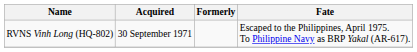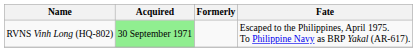 <table class="wikitable" style="font-size:95%;">
 <tr>
 <th>Name</th>
 <th>Acquired</th>
 <th>Formerly</th>
 <th>Fate</th>
 </tr>
 <tr>
 <td>RVNS <em>Vinh Long</em> (HQ-802)</td>
-<td>30 September 1971</td>
+<td style="background: lightgreen;">30 September 1971</td>
 <td></td>
 <td>Escaped to the Philippines, April 1975.<br>To <a href='#'>Philippine Navy</a> as BRP <em>Yakal</em> (AR-617).</td>
 </tr>
 <tr>
 </tr>
 </table>
